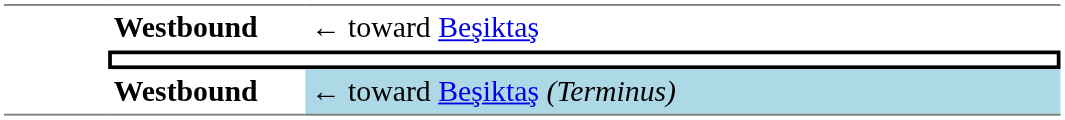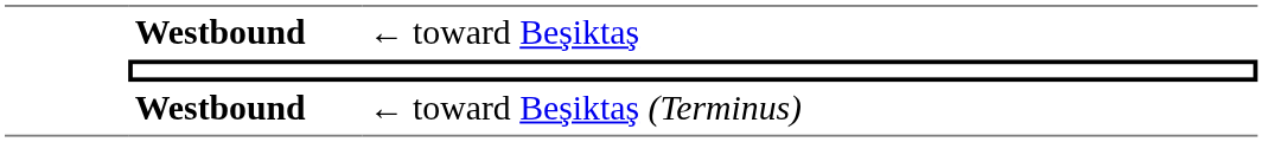 <table table border=0 cellspacing=0 cellpadding=3>
 <tr>
 <td style="border-top:solid 1px gray;border-bottom:solid 1px gray;" width=50 rowspan=3 valign=top></td>
 <td style="border-top:solid 1px gray;" width=100><strong>Westbound</strong></td>
 <td style="border-top:solid 1px gray;" width=400>←  toward <a href='#'>Beşiktaş</a></td>
 </tr>
 <tr>
 <td style="border-top:solid 2px black;border-right:solid 2px black;border-left:solid 2px black;border-bottom:solid 2px black;text-align:center;" colspan=2></td>
 </tr>
 <tr>
 <td style="border-bottom:solid 1px gray;"><strong>Westbound</strong></td>
-<td style="background: lightblue; border-bottom:solid 1px gray;">←  toward <a href='#'>Beşiktaş</a> <em>(Terminus)</em></td>
+<td style="border-bottom:solid 1px gray;">←  toward <a href='#'>Beşiktaş</a> <em>(Terminus)</em></td>
 </tr>
 </table>
